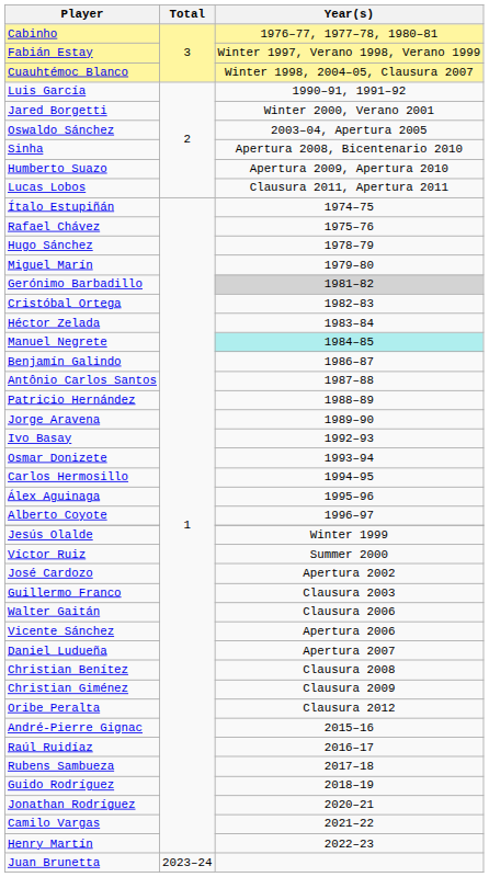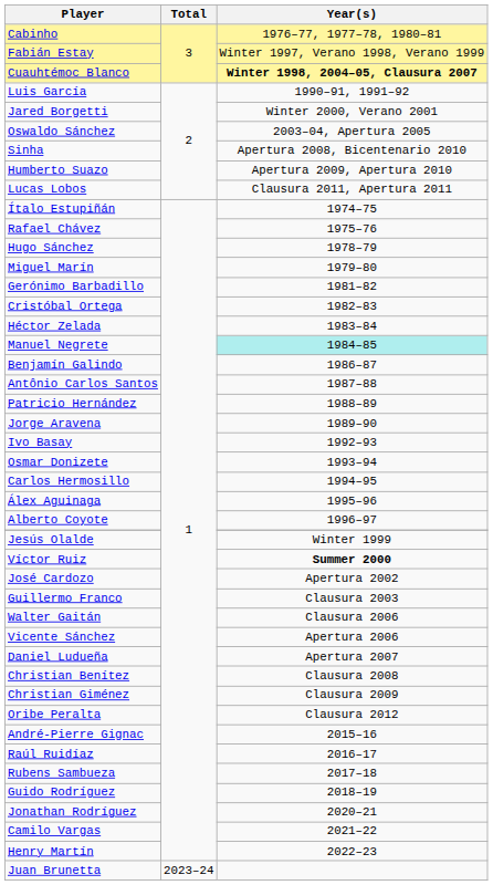 <table class="sortable wikitable" style="text-align:center">
 <tr>
 <th>Player</th>
 <th class="unsortable">Total</th>
 <th class="unsortable">Year(s)</th>
 </tr>
 <tr bgcolor=#FFF69F>
 <td align="left"> <a href='#'>Cabinho</a></td>
 <td rowspan="3">3</td>
 <td>1976–77, 1977–78, 1980–81</td>
 </tr>
 <tr bgcolor=#FFF69F>
 <td align="left"> <a href='#'>Fabián Estay</a></td>
 <td>Winter 1997, Verano 1998, Verano 1999</td>
 </tr>
 <tr bgcolor=#FFF69F>
 <td align="left"> <a href='#'>Cuauhtémoc Blanco</a></td>
-<td>Winter 1998, 2004–05, Clausura 2007</td>
+<td><strong>Winter 1998, 2004–05, Clausura 2007</strong></td>
 </tr>
 <tr>
 <td align="left"> <a href='#'>Luis García</a></td>
 <td rowspan="6">2</td>
 <td>1990–91, 1991–92</td>
 </tr>
 <tr>
 <td align="left"> <a href='#'>Jared Borgetti</a></td>
 <td>Winter 2000, Verano 2001</td>
 </tr>
 <tr>
 <td align="left"> <a href='#'>Oswaldo Sánchez</a></td>
 <td>2003–04, Apertura 2005</td>
 </tr>
 <tr>
 <td align="left"> <a href='#'>Sinha</a></td>
 <td>Apertura 2008, Bicentenario 2010</td>
 </tr>
 <tr>
 <td align="left"> <a href='#'>Humberto Suazo</a></td>
 <td>Apertura 2009, Apertura 2010</td>
 </tr>
 <tr>
 <td align="left"> <a href='#'>Lucas Lobos</a></td>
 <td>Clausura 2011, Apertura 2011</td>
 </tr>
 <tr>
 <td align="left"> <a href='#'>Ítalo Estupiñán</a></td>
 <td rowspan="35">1</td>
 <td>1974–75</td>
 </tr>
 <tr>
 <td align="left"> <a href='#'>Rafael Chávez</a></td>
 <td>1975–76</td>
 </tr>
 <tr>
 <td align="left"> <a href='#'>Hugo Sánchez</a></td>
 <td>1978–79</td>
 </tr>
 <tr>
 <td align="left"> <a href='#'>Miguel Marín</a></td>
 <td>1979–80</td>
 </tr>
 <tr>
 <td align="left"> <a href='#'>Gerónimo Barbadillo</a></td>
-<td style="background: lightgrey;">1981–82</td>
+<td>1981–82</td>
 </tr>
 <tr>
 <td align="left"> <a href='#'>Cristóbal Ortega</a></td>
 <td>1982–83</td>
 </tr>
 <tr>
 <td align="left"> <a href='#'>Héctor Zelada</a></td>
 <td>1983–84</td>
 </tr>
 <tr>
 <td align="left"> <a href='#'>Manuel Negrete</a></td>
 <td style="background: paleturquoise;">1984–85</td>
 </tr>
 <tr>
 <td align="left"> <a href='#'>Benjamín Galindo</a></td>
 <td>1986–87</td>
 </tr>
 <tr>
 <td align="left"> <a href='#'>Antônio Carlos Santos</a></td>
 <td>1987–88</td>
 </tr>
 <tr>
 <td align="left"> <a href='#'>Patricio Hernández</a></td>
 <td>1988–89</td>
 </tr>
 <tr>
 <td align="left"> <a href='#'>Jorge Aravena</a></td>
 <td>1989–90</td>
 </tr>
 <tr>
 <td align="left"> <a href='#'>Ivo Basay</a></td>
 <td>1992–93</td>
 </tr>
 <tr>
 <td align="left"> <a href='#'>Osmar Donizete</a></td>
 <td>1993–94</td>
 </tr>
 <tr>
 <td align="left"> <a href='#'>Carlos Hermosillo</a></td>
 <td>1994–95</td>
 </tr>
 <tr>
 <td align="left"> <a href='#'>Álex Aguinaga</a></td>
 <td>1995–96</td>
 </tr>
 <tr>
 <td align="left"> <a href='#'>Alberto Coyote</a></td>
 <td>1996–97</td>
 </tr>
 <tr>
 </tr>
 <tr>
 <td align="left"> <a href='#'>Jesús Olalde</a></td>
 <td>Winter 1999</td>
 </tr>
 <tr>
 <td align="left"> <a href='#'>Víctor Ruiz</a></td>
-<td>Summer 2000</td>
+<td><strong>Summer 2000</strong></td>
 </tr>
 <tr>
 <td align="left"> <a href='#'>José Cardozo</a></td>
 <td>Apertura 2002</td>
 </tr>
 <tr>
 <td align="left"> <a href='#'>Guillermo Franco</a></td>
 <td>Clausura 2003</td>
 </tr>
 <tr>
 <td align="left"> <a href='#'>Walter Gaitán</a></td>
 <td>Clausura 2006</td>
 </tr>
 <tr>
 <td align="left"> <a href='#'>Vicente Sánchez</a></td>
 <td>Apertura 2006</td>
 </tr>
 <tr>
 <td align="left"> <a href='#'>Daniel Ludueña</a></td>
 <td>Apertura 2007</td>
 </tr>
 <tr>
 <td align="left"> <a href='#'>Christian Benítez</a></td>
 <td>Clausura 2008</td>
 </tr>
 <tr>
 <td align="left"> <a href='#'>Christian Giménez</a></td>
 <td>Clausura 2009</td>
 </tr>
 <tr>
 <td align="left"> <a href='#'>Oribe Peralta</a></td>
 <td>Clausura 2012</td>
 </tr>
 <tr>
 <td align="left"> <a href='#'>André-Pierre Gignac</a></td>
 <td>2015–16</td>
 </tr>
 <tr>
 <td align="left"> <a href='#'>Raúl Ruidíaz</a></td>
 <td>2016–17</td>
 </tr>
 <tr>
 <td align="left"> <a href='#'>Rubens Sambueza</a></td>
 <td>2017–18</td>
 </tr>
 <tr>
 <td align="left"> <a href='#'>Guido Rodríguez</a></td>
 <td>2018–19</td>
 </tr>
 <tr>
 <td align="left"> <a href='#'>Jonathan Rodríguez</a></td>
 <td>2020–21</td>
 </tr>
 <tr>
 <td align="left"> <a href='#'>Camilo Vargas</a></td>
 <td>2021–22</td>
 </tr>
 <tr>
 <td align="left"> <a href='#'>Henry Martín</a></td>
 <td>2022–23</td>
 </tr>
 <tr>
 <td align="left"> <a href='#'>Juan Brunetta</a></td>
 <td>2023–24</td>
 </tr>
 </table>
